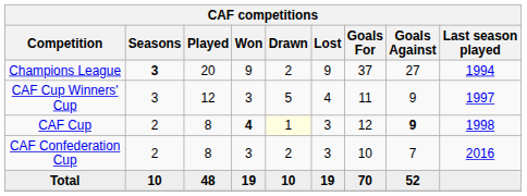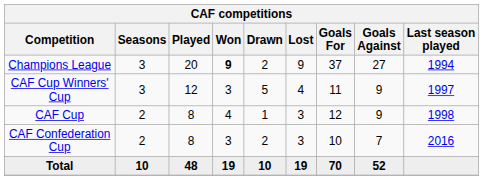 <table class="wikitable" style="font-size:95%; text-align: center;">
 <tr>
 <th colspan="9">CAF competitions</th>
 </tr>
 <tr>
 <th width="200">Competition</th>
 <th width="30">Seasons</th>
 <th width="30">Played</th>
 <th width="30">Won</th>
 <th width="30">Drawn</th>
 <th width="30">Lost</th>
 <th width="30">Goals For</th>
 <th width="30">Goals Against</th>
 <th width="150">Last season played</th>
 </tr>
 <tr>
 <td><a href='#'>Champions League</a></td>
-<td><strong>3</strong></td>
+<td>3</td>
 <td>20</td>
-<td>9</td>
+<td><strong>9</strong></td>
 <td>2</td>
 <td>9</td>
 <td>37</td>
 <td>27</td>
 <td><a href='#'>1994</a></td>
 </tr>
 <tr>
 <td><a href='#'>CAF Cup Winners' Cup</a></td>
 <td>3</td>
 <td>12</td>
 <td>3</td>
 <td>5</td>
 <td>4</td>
 <td>11</td>
 <td>9</td>
 <td><a href='#'>1997</a></td>
 </tr>
 <tr>
 <td><a href='#'>CAF Cup</a></td>
 <td>2</td>
 <td>8</td>
-<td><strong>4</strong></td>
-<td style="background: lightyellow;">1</td>
+<td>4</td>
+<td>1</td>
 <td>3</td>
 <td>12</td>
-<td><strong>9</strong></td>
+<td>9</td>
 <td><a href='#'>1998</a></td>
 </tr>
 <tr>
 <td><a href='#'>CAF Confederation Cup</a></td>
 <td>2</td>
 <td>8</td>
 <td>3</td>
 <td>2</td>
 <td>3</td>
 <td>10</td>
 <td>7</td>
 <td><a href='#'>2016</a></td>
 </tr>
 <tr bgcolor=#EEEEEE>
 <td><strong>Total</strong></td>
 <td><strong>10</strong></td>
 <td><strong>48</strong></td>
 <td><strong>19</strong></td>
 <td><strong>10</strong></td>
 <td><strong>19</strong></td>
 <td><strong>70</strong></td>
 <td><strong>52</strong></td>
 <td></td>
 </tr>
 <tr>
 </tr>
 </table>
